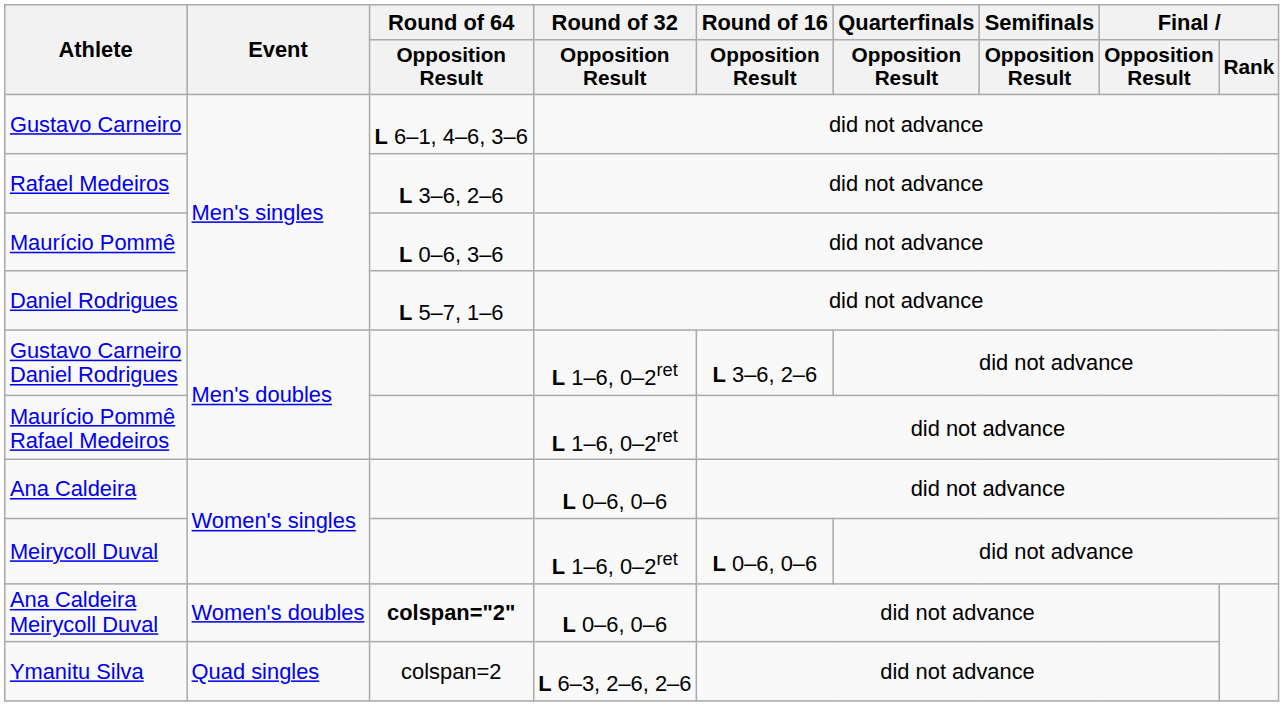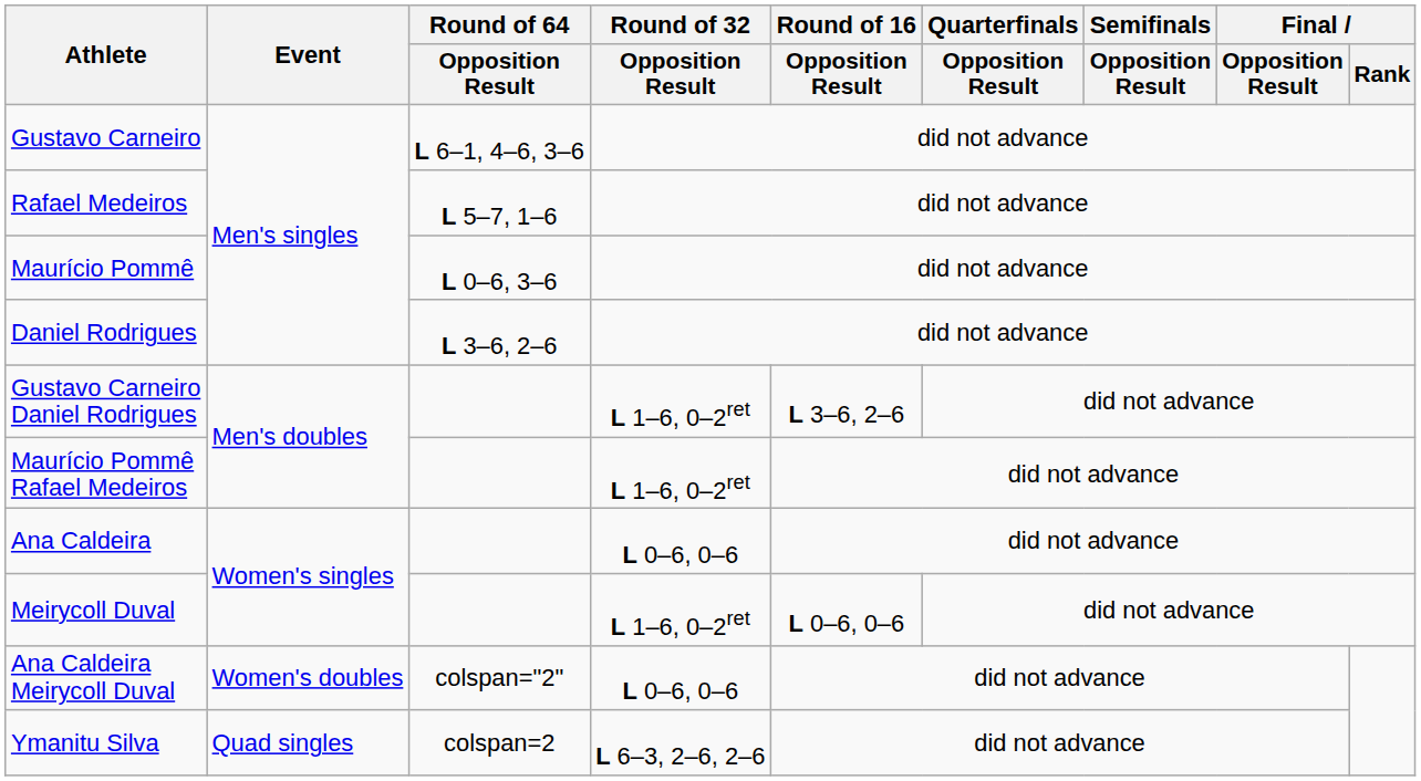 <table class="wikitable" style="font-size:90%;">
 <tr>
 <th rowspan=2>Athlete</th>
 <th rowspan=2>Event</th>
 <th>Round of 64</th>
 <th>Round of 32</th>
 <th>Round of 16</th>
 <th>Quarterfinals</th>
 <th>Semifinals</th>
 <th colspan=2>Final / </th>
 </tr>
 <tr style="font-size:95%">
 <th>Opposition<br>Result</th>
 <th>Opposition<br>Result</th>
 <th>Opposition<br>Result</th>
 <th>Opposition<br>Result</th>
 <th>Opposition<br>Result</th>
 <th>Opposition<br>Result</th>
 <th>Rank</th>
 </tr>
 <tr align=center>
 <td align=left><a href='#'>Gustavo Carneiro</a></td>
 <td rowspan=4 align=left><a href='#'>Men's singles</a></td>
 <td><br><strong>L</strong> 6–1, 4–6, 3–6</td>
 <td colspan="6">did not advance</td>
 </tr>
 <tr align=center>
 <td align=left><a href='#'>Rafael Medeiros</a></td>
-<td><br><strong>L</strong> 3–6, 2–6</td>
+<td><br><strong>L</strong> 5–7, 1–6</td>
 <td colspan="6">did not advance</td>
 </tr>
 <tr align=center>
 <td align=left><a href='#'>Maurício Pommê</a></td>
 <td><br><strong>L</strong> 0–6, 3–6</td>
 <td colspan="6">did not advance</td>
 </tr>
 <tr align=center>
 <td align=left><a href='#'>Daniel Rodrigues</a></td>
-<td><br><strong>L</strong> 5–7, 1–6</td>
+<td><br><strong>L</strong> 3–6, 2–6</td>
 <td colspan="6">did not advance</td>
 </tr>
 <tr align=center>
 <td align=left><a href='#'>Gustavo Carneiro</a><br> <a href='#'>Daniel Rodrigues</a></td>
 <td rowspan=2 align=left><a href='#'>Men's doubles</a></td>
 <td></td>
 <td><br><strong>L</strong> 1–6, 0–2<sup>ret</sup></td>
 <td><br><strong>L</strong> 3–6, 2–6</td>
 <td colspan="4">did not advance</td>
 </tr>
 <tr align=center>
 <td align=left><a href='#'>Maurício Pommê</a><br> <a href='#'>Rafael Medeiros</a></td>
 <td></td>
 <td><br><strong>L</strong> 1–6, 0–2<sup>ret</sup></td>
 <td colspan="5">did not advance</td>
 </tr>
 <tr align=center>
 <td align=left><a href='#'>Ana Caldeira</a></td>
 <td rowspan=2 align=left><a href='#'>Women's singles</a></td>
 <td></td>
 <td><br><strong>L</strong> 0–6, 0–6</td>
 <td colspan="5">did not advance</td>
 </tr>
 <tr align=center>
 <td align=left><a href='#'>Meirycoll Duval</a></td>
 <td></td>
 <td><br><strong>L</strong> 1–6, 0–2<sup>ret</sup></td>
 <td><br><strong>L</strong> 0–6, 0–6</td>
 <td colspan="4">did not advance</td>
 </tr>
 <tr align=center>
 <td align=left><a href='#'>Ana Caldeira</a><br> <a href='#'>Meirycoll Duval</a></td>
 <td align=left><a href='#'>Women's doubles</a></td>
-<td><strong>colspan="2" </strong></td>
+<td>colspan="2" </td>
 <td><br><strong>L</strong> 0–6, 0–6</td>
 <td colspan="4">did not advance</td>
 </tr>
 <tr align=center>
 <td align=left><a href='#'>Ymanitu Silva</a></td>
 <td align=left><a href='#'>Quad singles</a></td>
 <td>colspan=2 </td>
 <td><br><strong>L</strong> 6–3, 2–6, 2–6</td>
 <td colspan="4">did not advance</td>
 </tr>
 </table>
